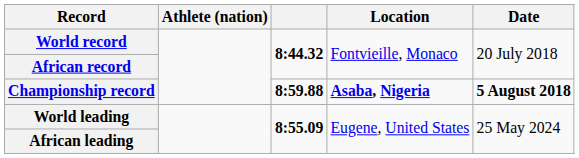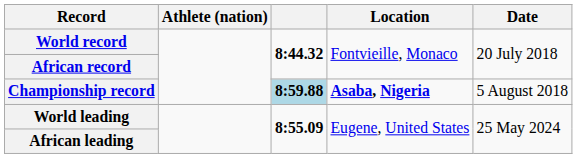 <table class="wikitable">
 <tr>
 <th scope="col">Record</th>
 <th scope="col">Athlete (nation)</th>
 <th scope="col"></th>
 <th scope="col">Location</th>
 <th scope="col">Date</th>
 </tr>
 <tr>
 <th scope="row"><a href='#'>World record</a></th>
 <td rowspan="3"></td>
 <td rowspan="2" align="center"><strong>8:44.32</strong></td>
 <td rowspan="2"><a href='#'>Fontvieille</a>, <a href='#'>Monaco</a></td>
 <td rowspan="2">20 July 2018</td>
 </tr>
 <tr>
 <th scope="row"><a href='#'>African record</a></th>
 </tr>
 <tr>
 <th><a href='#'>Championship record</a></th>
-<td align="center"><strong>8:59.88</strong></td>
+<td align="center" style="background: lightblue;"><strong>8:59.88</strong></td>
 <td><strong><a href='#'>Asaba</a>, <a href='#'>Nigeria</a></strong></td>
-<td><strong>5 August 2018</strong></td>
+<td>5 August 2018</td>
 </tr>
 <tr>
 <th scope="row">World leading</th>
 <td rowspan="2"></td>
 <td rowspan="2" align="center"><strong>8:55.09</strong></td>
 <td rowspan="2"><a href='#'>Eugene</a>, <a href='#'>United States</a></td>
 <td rowspan="2">25 May 2024</td>
 </tr>
 <tr>
 <th scope="row">African leading</th>
 </tr>
 </table>
